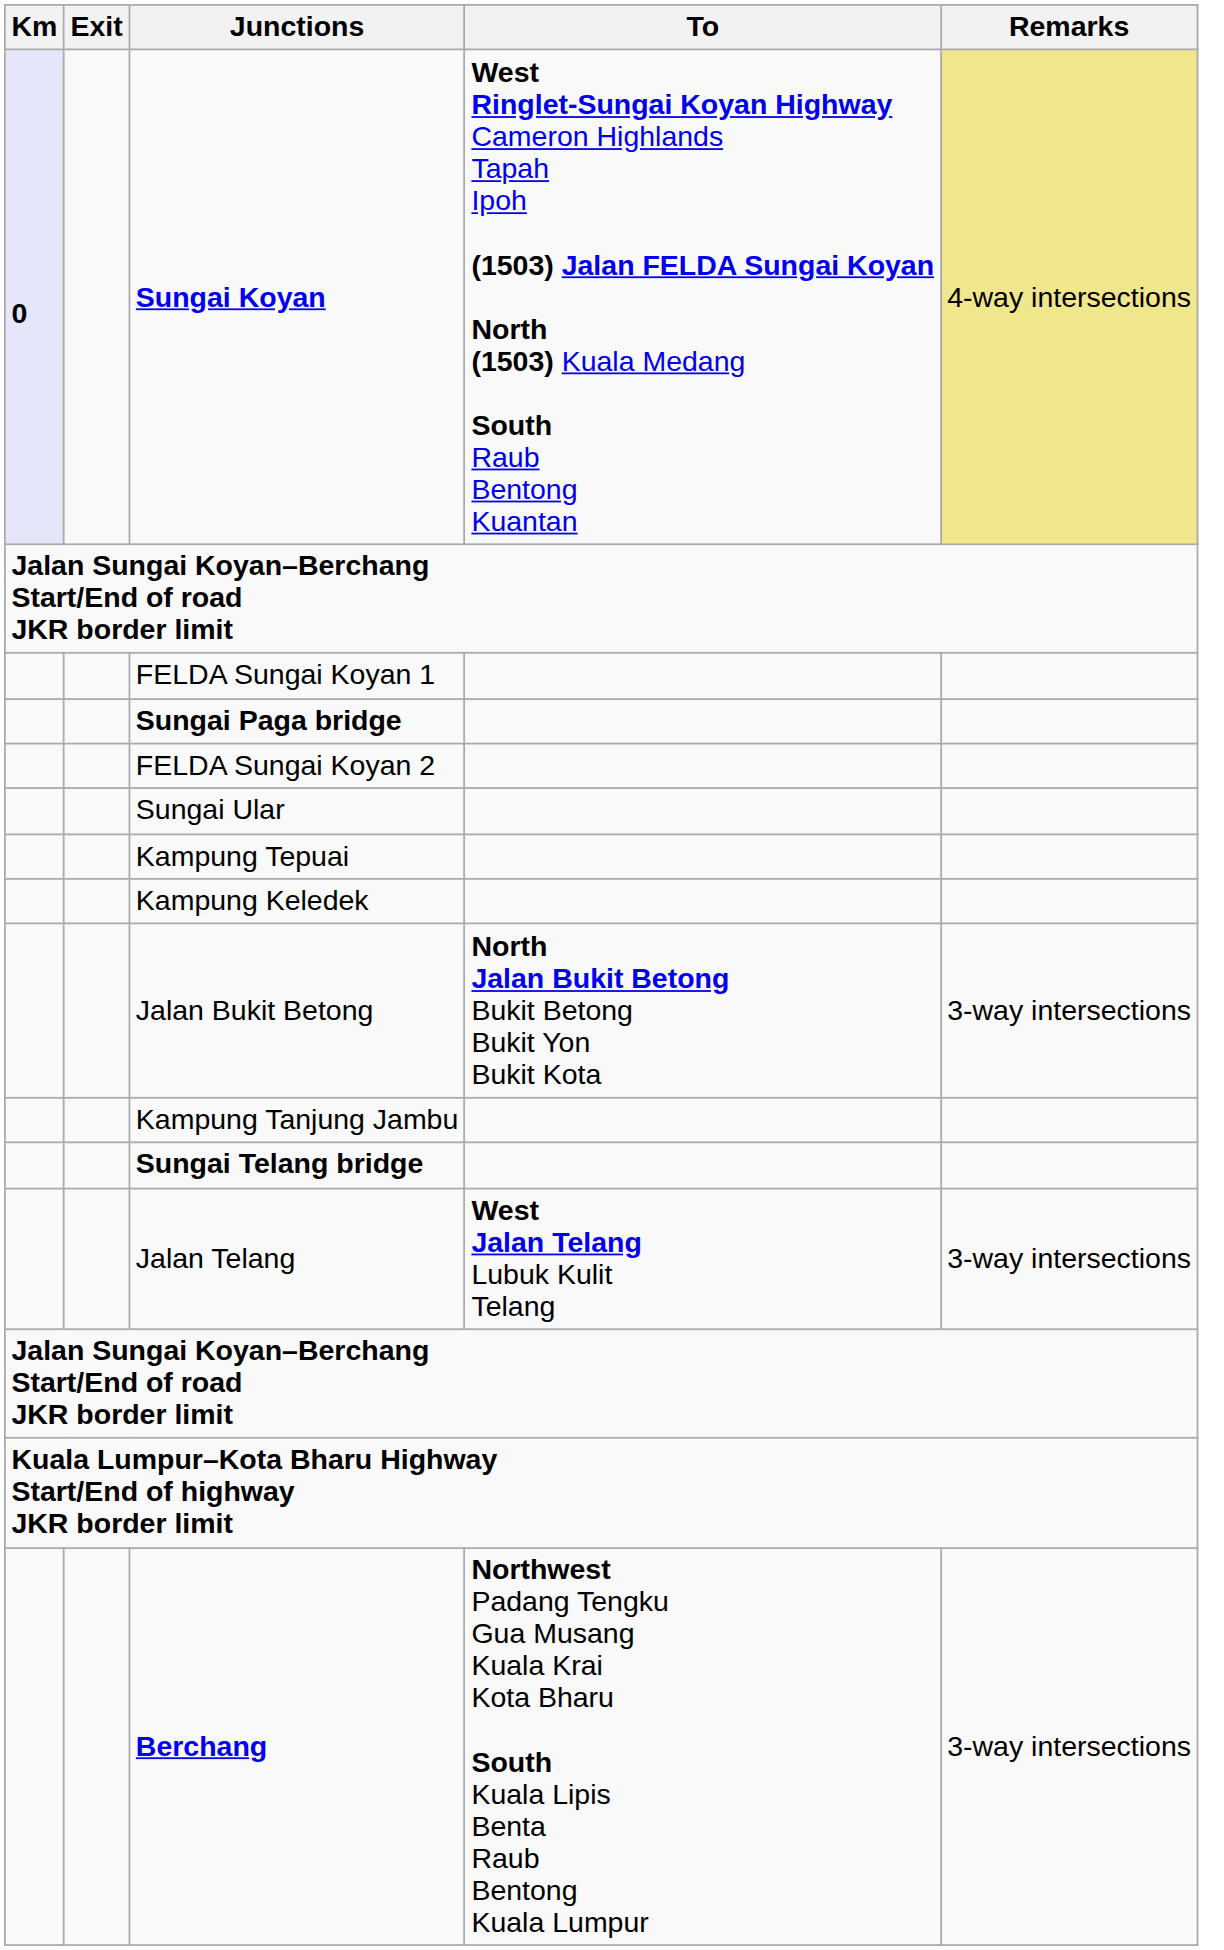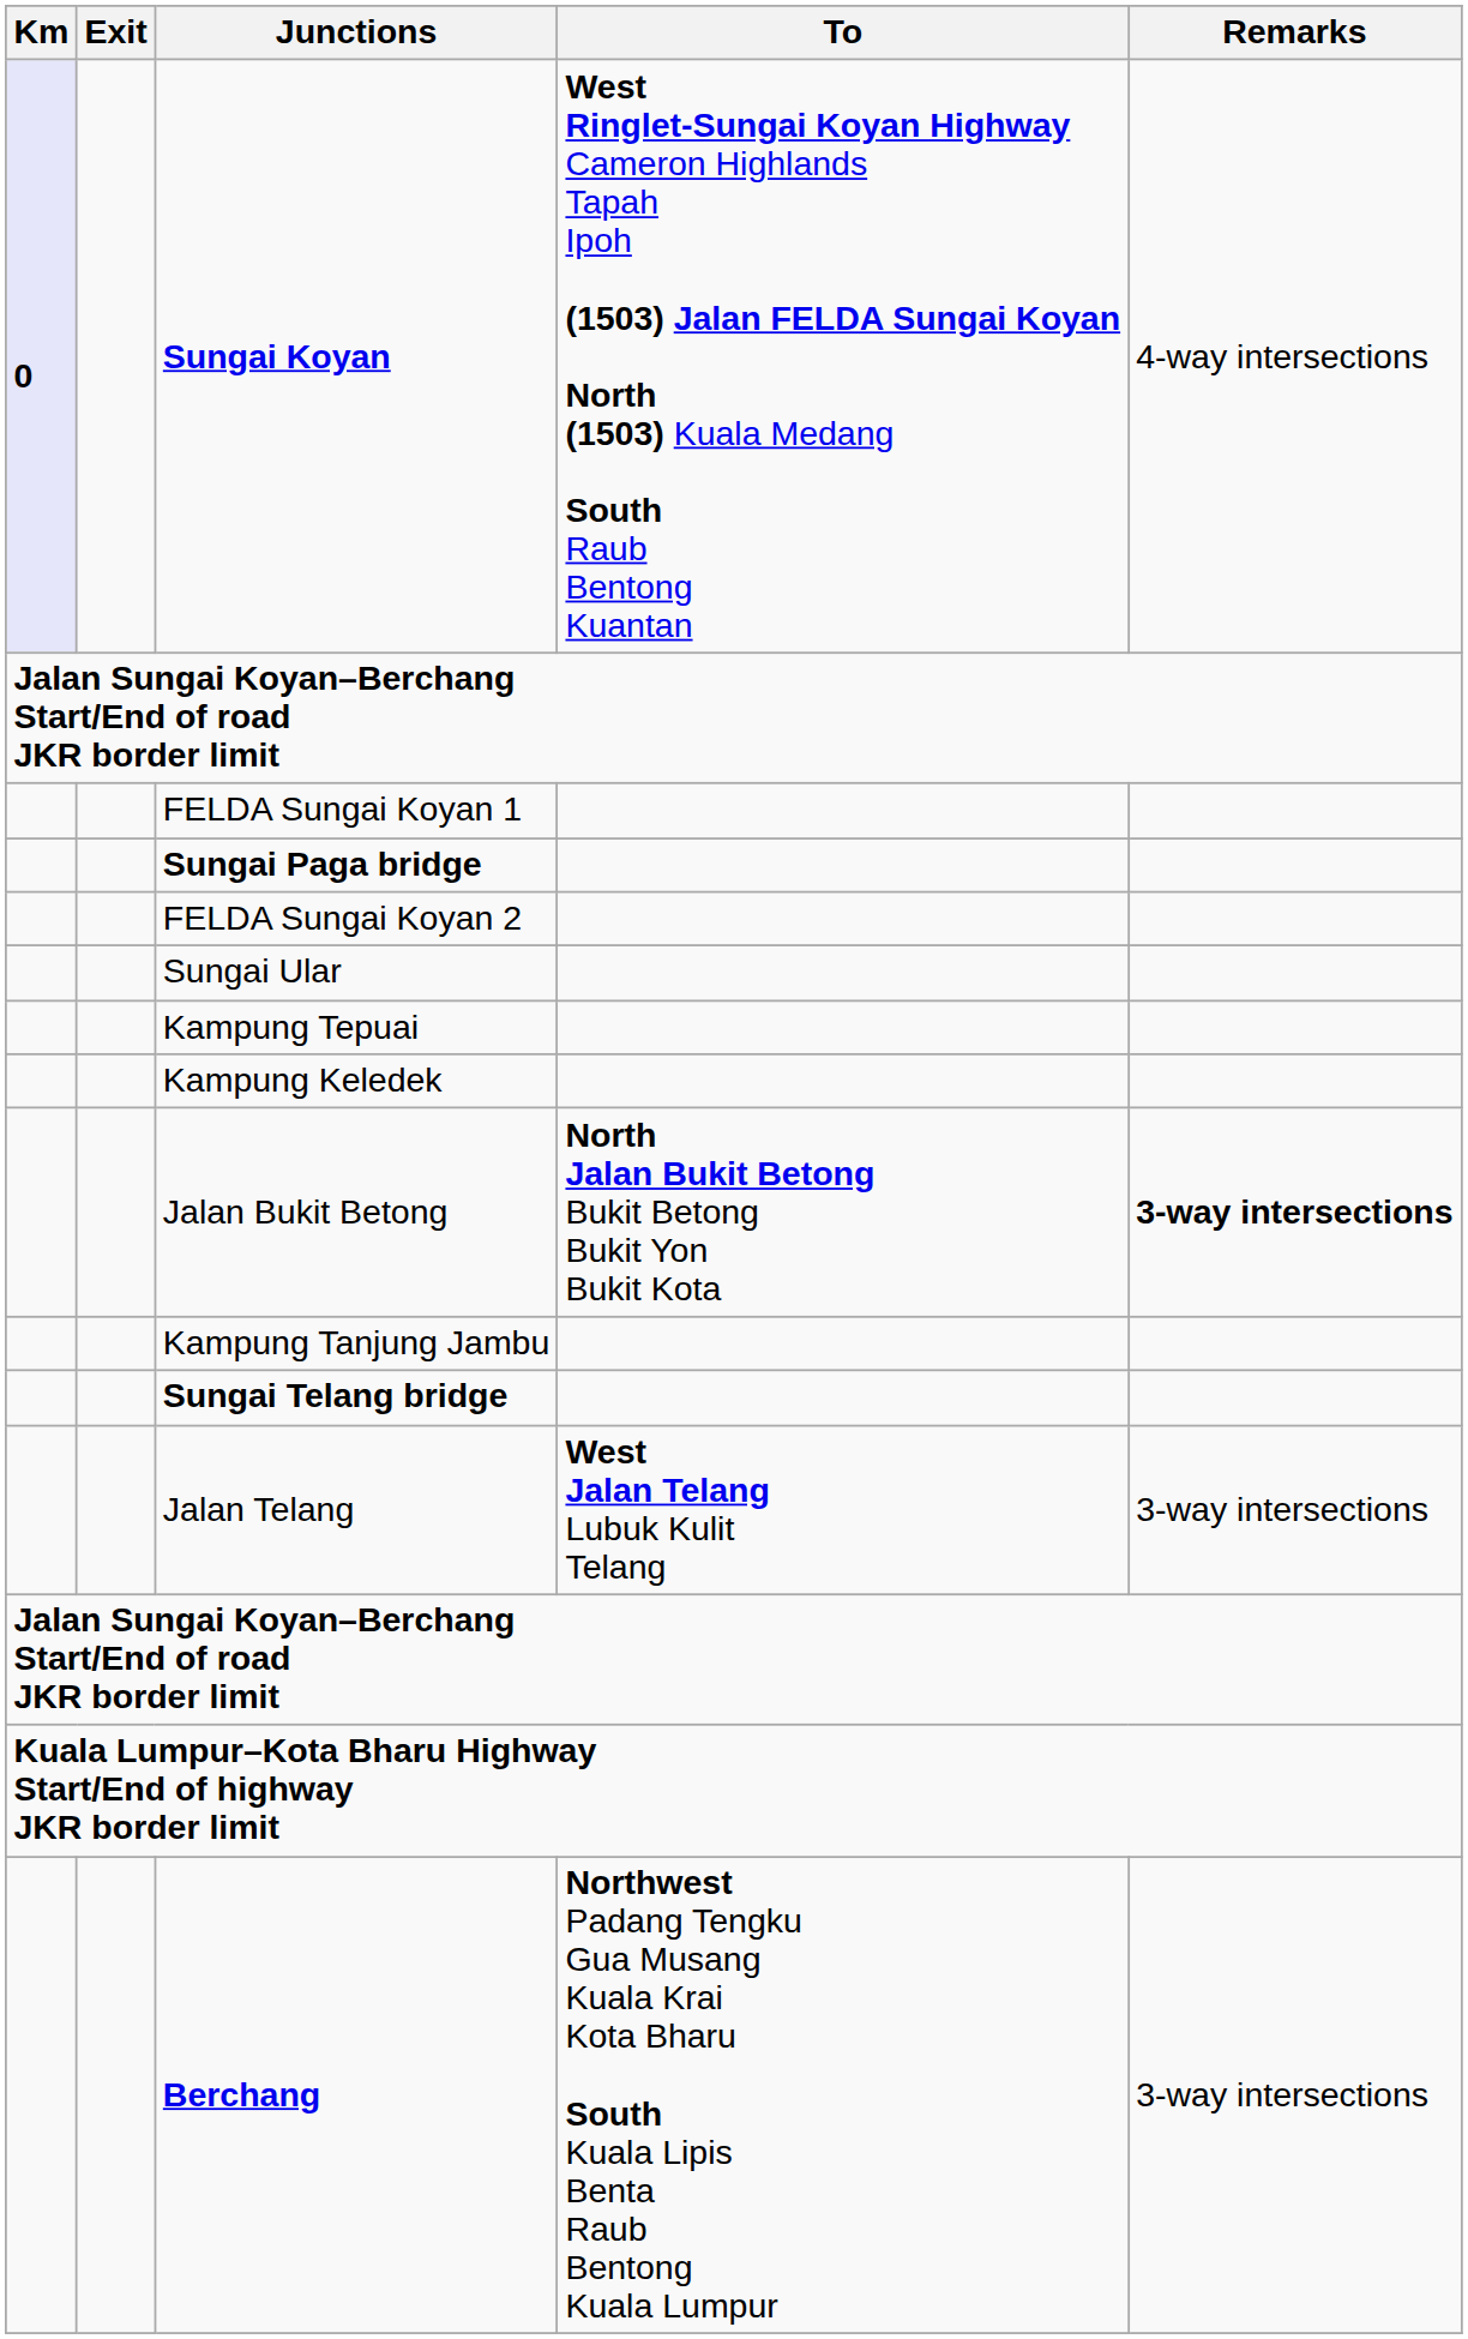 <table class="wikitable">
 <tr>
 <th>Km</th>
 <th>Exit</th>
 <th>Junctions</th>
 <th>To</th>
 <th>Remarks</th>
 </tr>
 <tr>
 <td style="background: lavender;"><br><strong>0</strong></td>
 <td></td>
 <td><strong><a href='#'>Sungai Koyan</a></strong></td>
 <td><strong>West</strong><br> <strong><a href='#'>Ringlet-Sungai Koyan Highway</a></strong><br> <a href='#'>Cameron Highlands</a><br> <a href='#'>Tapah</a><br> <a href='#'>Ipoh</a><br><br> <strong>(1503)</strong> <strong><a href='#'>Jalan FELDA Sungai Koyan</a></strong><br><br><strong>North</strong><br> <strong>(1503)</strong> <a href='#'>Kuala Medang</a><br><br><strong>South</strong><br> <a href='#'>Raub</a><br> <a href='#'>Bentong</a><br>   <a href='#'>Kuantan</a></td>
-<td style="background: khaki;">4-way intersections</td>
+<td>4-way intersections</td>
 </tr>
 <tr>
 <td style="width:600px" colspan="6" style="text-align:center; background:blue;"><strong><span> Jalan Sungai Koyan–Berchang<br>Start/End of road<br>JKR border limit</span></strong></td>
 </tr>
 <tr>
 <td></td>
 <td></td>
 <td>FELDA Sungai Koyan 1</td>
 <td></td>
 <td></td>
 </tr>
 <tr>
 <td></td>
 <td></td>
 <td><strong>Sungai Paga bridge</strong></td>
 <td></td>
 <td></td>
 </tr>
 <tr>
 <td></td>
 <td></td>
 <td>FELDA Sungai Koyan 2</td>
 <td></td>
 <td></td>
 </tr>
 <tr>
 <td></td>
 <td></td>
 <td>Sungai Ular</td>
 <td></td>
 <td></td>
 </tr>
 <tr>
 <td></td>
 <td></td>
 <td>Kampung Tepuai</td>
 <td></td>
 <td></td>
 </tr>
 <tr>
 <td></td>
 <td></td>
 <td>Kampung Keledek</td>
 <td></td>
 <td></td>
 </tr>
 <tr>
 <td></td>
 <td></td>
 <td>Jalan Bukit Betong</td>
 <td><strong>North</strong><br> <strong><a href='#'>Jalan Bukit Betong</a></strong><br>Bukit Betong<br>Bukit Yon<br>Bukit Kota</td>
-<td>3-way intersections</td>
+<td><strong>3-way intersections</strong></td>
 </tr>
 <tr>
 <td></td>
 <td></td>
 <td>Kampung Tanjung Jambu</td>
 <td></td>
 <td></td>
 </tr>
 <tr>
 <td></td>
 <td></td>
 <td><strong>Sungai Telang bridge</strong></td>
 <td></td>
 <td></td>
 </tr>
 <tr>
 <td></td>
 <td></td>
 <td>Jalan Telang</td>
 <td><strong>West</strong><br> <strong><a href='#'>Jalan Telang</a></strong><br>Lubuk Kulit<br>Telang</td>
 <td>3-way intersections</td>
 </tr>
 <tr>
 <td style="width:600px" colspan="6" style="text-align:center; background:blue;"><strong><span> Jalan Sungai Koyan–Berchang<br>Start/End of road<br>JKR border limit</span></strong></td>
 </tr>
 <tr>
 <td style="width:600px" colspan="6" style="text-align:center; background:blue;"><strong><span> Kuala Lumpur–Kota Bharu Highway<br>Start/End of highway<br>JKR border limit</span></strong></td>
 </tr>
 <tr>
 <td></td>
 <td></td>
 <td><strong><a href='#'>Berchang</a></strong></td>
 <td><strong>Northwest</strong><br> Padang Tengku<br> Gua Musang<br> Kuala Krai<br> Kota Bharu<br><br><strong>South</strong><br> Kuala Lipis<br> Benta<br> Raub<br> Bentong<br>   Kuala Lumpur</td>
 <td>3-way intersections</td>
 </tr>
 </table>
